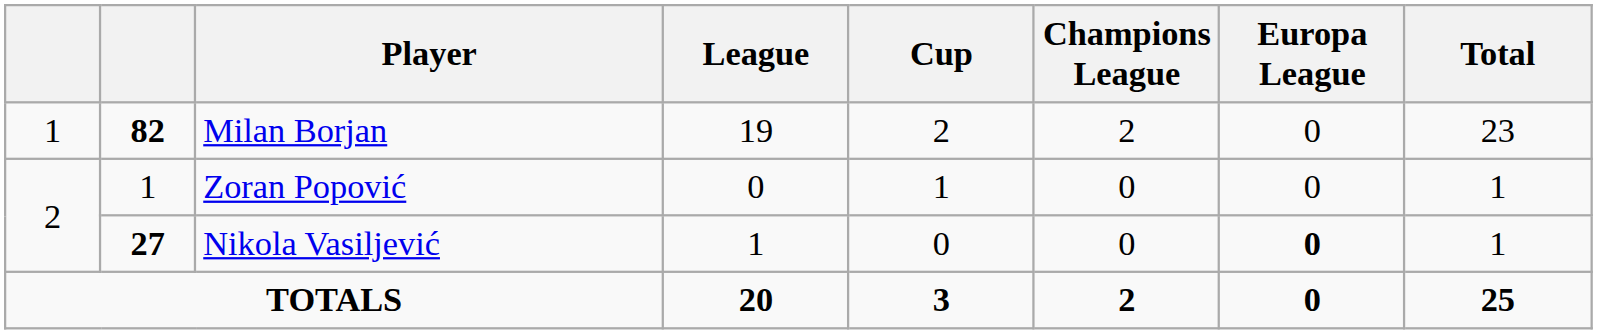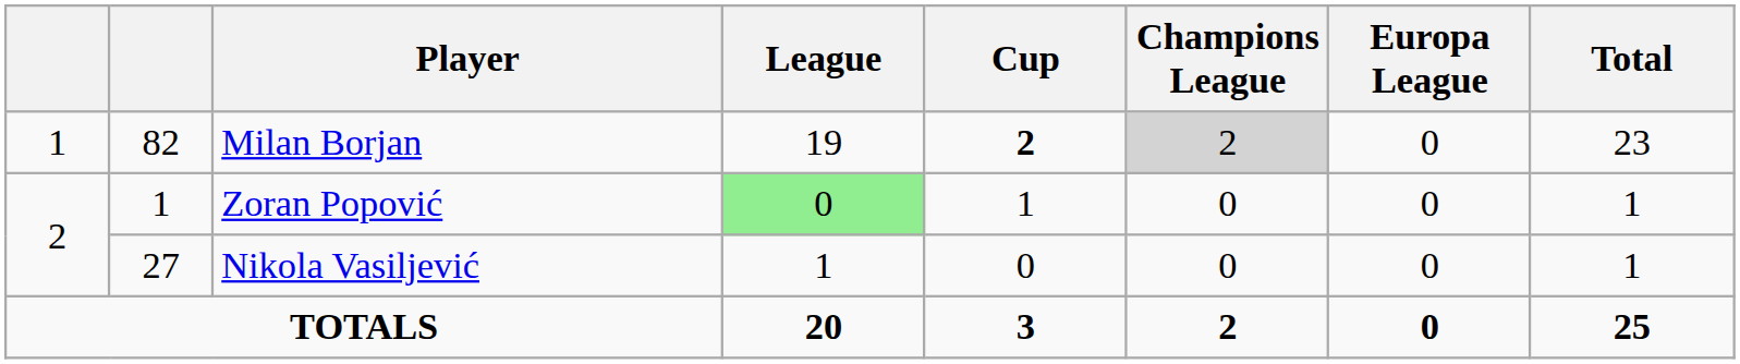 <table class="wikitable" style="font-size: 95%; text-align: center;">
 <tr>
 <th width=35></th>
 <th width=35></th>
 <th width=200>Player</th>
 <th width=75>League</th>
 <th width=75>Cup</th>
 <th width=75>Champions League</th>
 <th width=75>Europa League</th>
 <th width=75>Total</th>
 </tr>
 <tr>
 <td>1</td>
-<td><strong>82</strong></td>
+<td>82</td>
 <td align=left> <a href='#'>Milan Borjan</a></td>
 <td>19</td>
-<td>2</td>
-<td>2</td>
+<td><strong>2</strong></td>
+<td style="background: lightgrey;">2</td>
 <td>0</td>
 <td>23</td>
 </tr>
 <tr>
 <td rowspan=2>2</td>
 <td>1</td>
 <td align=left> <a href='#'>Zoran Popović</a></td>
-<td>0</td>
+<td style="background: lightgreen;">0</td>
 <td>1</td>
 <td>0</td>
 <td>0</td>
 <td>1</td>
 </tr>
 <tr>
-<td><strong>27</strong></td>
+<td>27</td>
 <td align=left> <a href='#'>Nikola Vasiljević</a></td>
 <td>1</td>
 <td>0</td>
 <td>0</td>
-<td><strong>0</strong></td>
+<td>0</td>
 <td>1</td>
 </tr>
 <tr>
 <td colspan=3><strong>TOTALS</strong></td>
 <td><strong>20</strong></td>
 <td><strong>3</strong></td>
 <td><strong>2</strong></td>
 <td><strong>0</strong></td>
 <td><strong>25</strong></td>
 </tr>
 </table>
